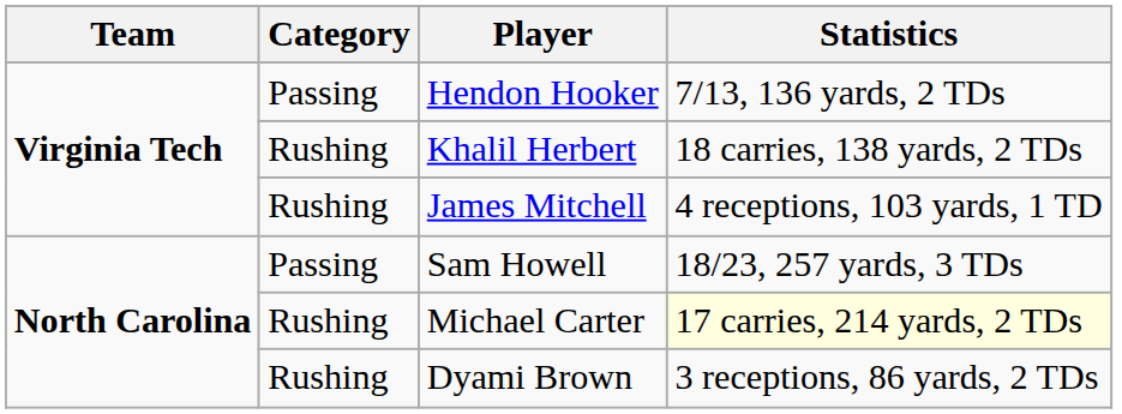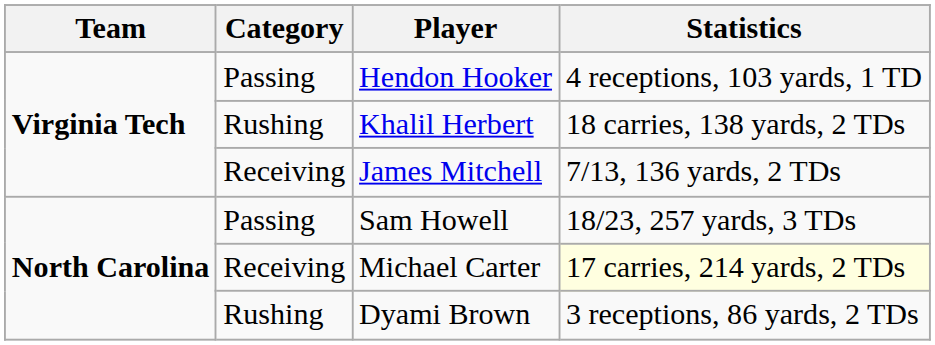 <table class="wikitable" style="float: left;">
 <tr>
 <th>Team</th>
 <th>Category</th>
 <th>Player</th>
 <th>Statistics</th>
 </tr>
 <tr>
 <td rowspan=3><strong>Virginia Tech</strong></td>
 <td>Passing</td>
 <td><a href='#'>Hendon Hooker</a></td>
-<td>7/13, 136 yards, 2 TDs</td>
+<td>4 receptions, 103 yards, 1 TD</td>
 </tr>
 <tr>
 <td>Rushing</td>
 <td><a href='#'>Khalil Herbert</a></td>
 <td>18 carries, 138 yards, 2 TDs</td>
 </tr>
 <tr>
-<td>Rushing</td>
+<td>Receiving</td>
 <td><a href='#'>James Mitchell</a></td>
-<td>4 receptions, 103 yards, 1 TD</td>
+<td>7/13, 136 yards, 2 TDs</td>
 </tr>
 <tr>
 <td rowspan=3><strong>North Carolina</strong></td>
 <td>Passing</td>
 <td>Sam Howell</td>
 <td>18/23, 257 yards, 3 TDs</td>
 </tr>
 <tr>
-<td>Rushing</td>
+<td>Receiving</td>
 <td>Michael Carter</td>
 <td style="background: lightyellow;">17 carries, 214 yards, 2 TDs</td>
 </tr>
 <tr>
 <td>Rushing</td>
 <td>Dyami Brown</td>
 <td>3 receptions, 86 yards, 2 TDs</td>
 </tr>
 </table>
